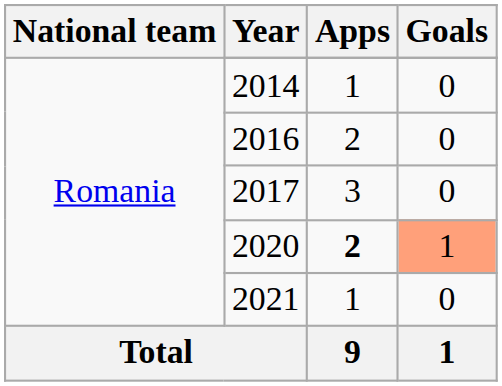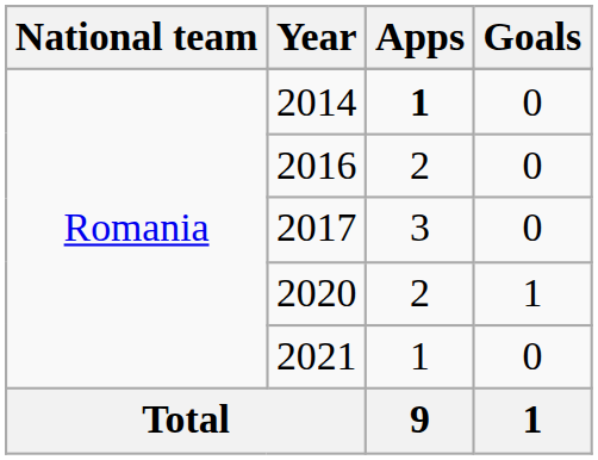 <table class="wikitable" style="text-align:center">
 <tr>
 <th>National team</th>
 <th>Year</th>
 <th>Apps</th>
 <th>Goals</th>
 </tr>
 <tr>
 <td rowspan="6"><a href='#'>Romania</a></td>
 </tr>
 <tr>
 <td>2014</td>
-<td>1</td>
+<td><strong>1</strong></td>
 <td>0</td>
 </tr>
 <tr>
 <td>2016</td>
 <td>2</td>
 <td>0</td>
 </tr>
 <tr>
 <td>2017</td>
 <td>3</td>
 <td>0</td>
 </tr>
 <tr>
 <td>2020</td>
-<td><strong>2</strong></td>
-<td style="background: lightsalmon;">1</td>
+<td>2</td>
+<td>1</td>
 </tr>
 <tr>
 <td>2021</td>
 <td>1</td>
 <td>0</td>
 </tr>
 <tr>
 <th colspan=2>Total</th>
 <th>9</th>
 <th>1</th>
 </tr>
 </table>
